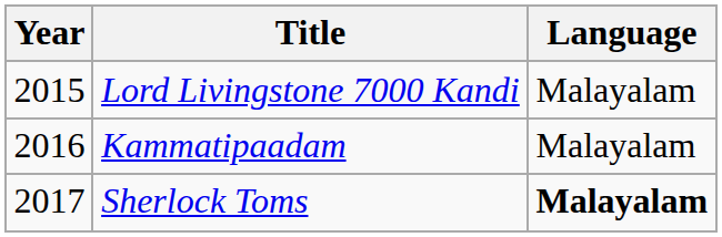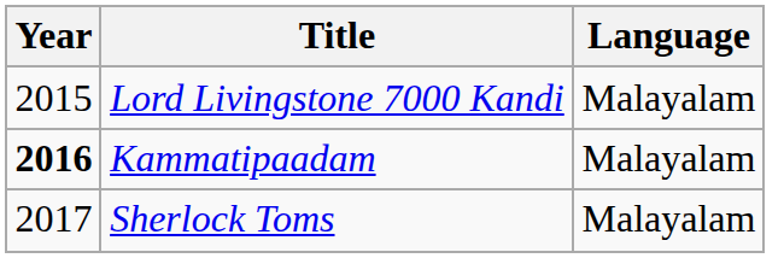 <table class="wikitable">
 <tr>
 <th>Year</th>
 <th>Title</th>
 <th>Language</th>
 </tr>
 <tr>
 <td>2015</td>
 <td><em><a href='#'>Lord Livingstone 7000 Kandi</a></em></td>
 <td>Malayalam</td>
 </tr>
 <tr>
-<td>2016</td>
+<td><strong>2016</strong></td>
 <td><em><a href='#'>Kammatipaadam</a></em></td>
 <td>Malayalam</td>
 </tr>
 <tr>
 <td>2017</td>
 <td><em><a href='#'>Sherlock Toms</a></em></td>
-<td><strong>Malayalam</strong></td>
+<td>Malayalam</td>
 </tr>
 <tr>
 </tr>
 </table>
